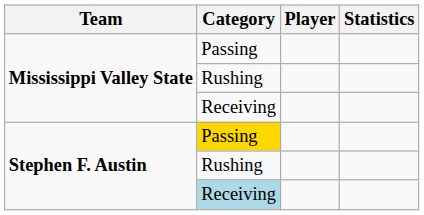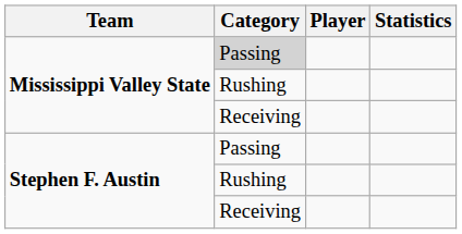 <table class="wikitable" style="float: left;">
 <tr>
 <th>Team</th>
 <th>Category</th>
 <th>Player</th>
 <th>Statistics</th>
 </tr>
 <tr>
 <td rowspan=3><strong>Mississippi Valley State</strong></td>
-<td>Passing</td>
+<td style="background: lightgrey;">Passing</td>
 <td> </td>
 <td> </td>
 </tr>
 <tr>
 <td>Rushing</td>
 <td> </td>
 <td> </td>
 </tr>
 <tr>
 <td>Receiving</td>
 <td> </td>
 <td> </td>
 </tr>
 <tr>
 <td rowspan=3><strong>Stephen F. Austin</strong></td>
-<td style="background: gold;">Passing</td>
+<td>Passing</td>
 <td> </td>
 <td> </td>
 </tr>
 <tr>
 <td>Rushing</td>
 <td> </td>
 <td> </td>
 </tr>
 <tr>
-<td style="background: lightblue;">Receiving</td>
+<td>Receiving</td>
 <td> </td>
 <td> </td>
 </tr>
 </table>
